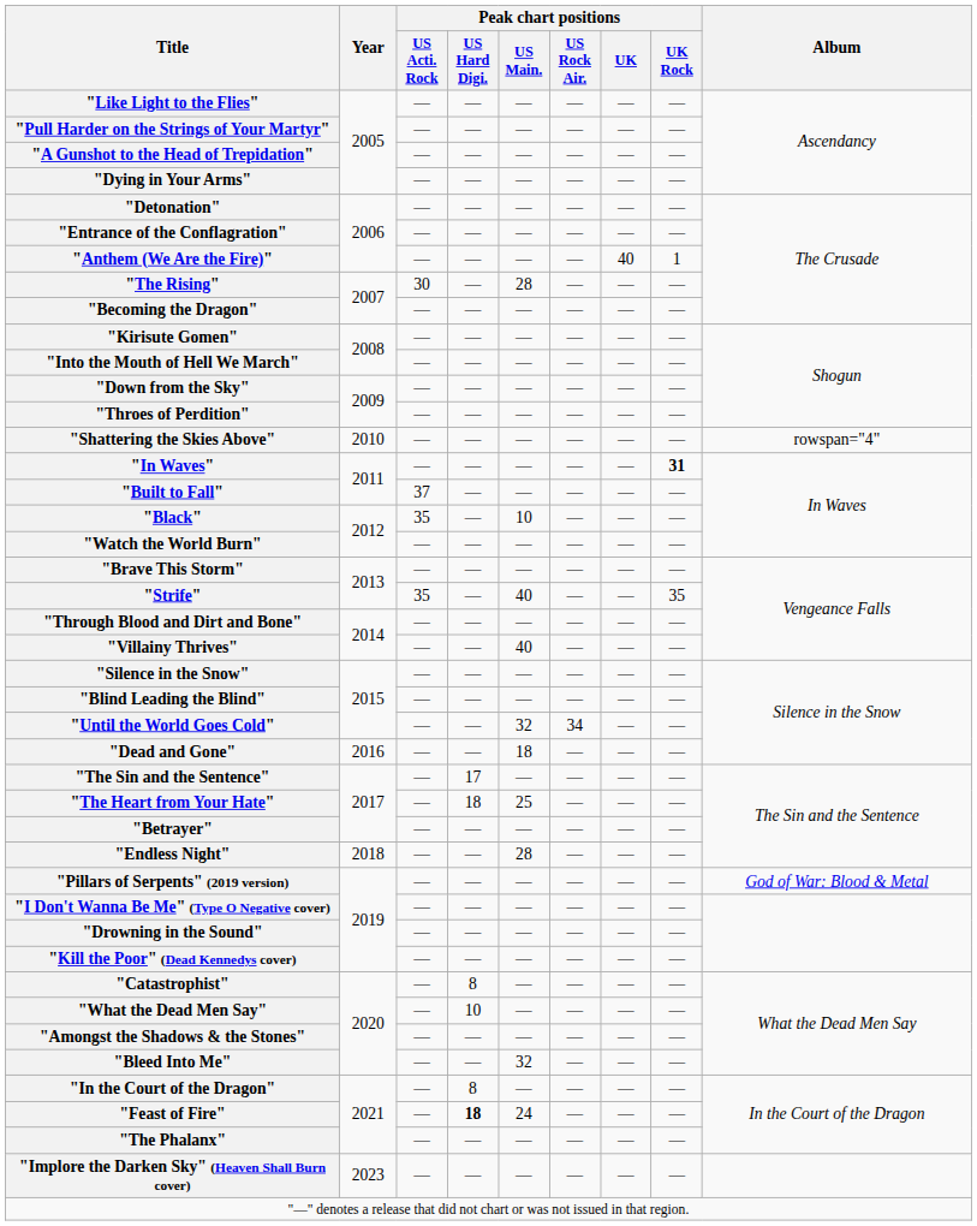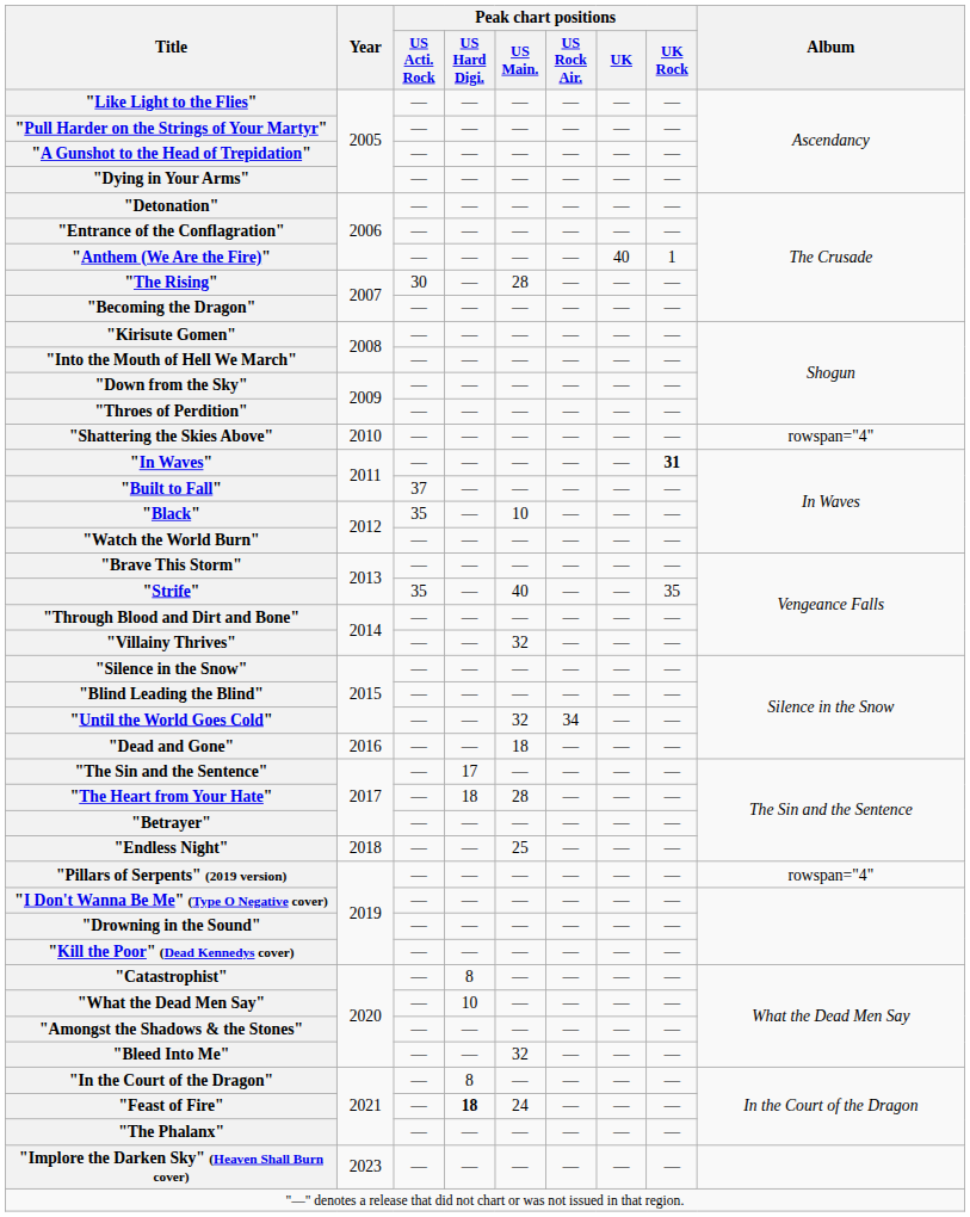 <table class="wikitable plainrowheaders" style="text-align:center;">
 <tr>
 <th scope="col" rowspan="2" style="width:20em;">Title</th>
 <th scope="col" rowspan="2" style="width:3em;">Year</th>
 <th scope="col" colspan="6">Peak chart positions</th>
 <th scope="col" rowspan="2" style="width:16em;">Album</th>
 </tr>
 <tr>
 <th scope="col" style="width:3em;font-size:90%;"><a href='#'>US<br>Acti.<br>Rock</a><br></th>
 <th scope="col" style="width:3em;font-size:90%;"><a href='#'>US<br>Hard<br>Digi.</a><br></th>
 <th scope="col" style="width:3em;font-size:90%;"><a href='#'>US<br>Main.</a><br></th>
 <th scope="col" style="width:3em;font-size:90%;"><a href='#'>US<br>Rock<br>Air.</a><br></th>
 <th scope="col" style="width:3em;font-size:90%;"><a href='#'>UK</a><br></th>
 <th scope="col" style="width:3em;font-size:90%;"><a href='#'>UK<br>Rock</a><br></th>
 </tr>
 <tr>
 <th scope="row">"<a href='#'>Like Light to the Flies</a>"</th>
 <td rowspan="4">2005</td>
 <td>—</td>
 <td>—</td>
 <td>—</td>
 <td>—</td>
 <td>—</td>
 <td>—</td>
 <td rowspan="4"><em>Ascendancy</em></td>
 </tr>
 <tr>
 <th scope="row">"<a href='#'>Pull Harder on the Strings of Your Martyr</a>"</th>
 <td>—</td>
 <td>—</td>
 <td>—</td>
 <td>—</td>
 <td>—</td>
 <td>—</td>
 </tr>
 <tr>
 <th scope="row">"<a href='#'>A Gunshot to the Head of Trepidation</a>"</th>
 <td>—</td>
 <td>—</td>
 <td>—</td>
 <td>—</td>
 <td>—</td>
 <td>—</td>
 </tr>
 <tr>
 <th scope="row">"Dying in Your Arms"</th>
 <td>—</td>
 <td>—</td>
 <td>—</td>
 <td>—</td>
 <td>—</td>
 <td>—</td>
 </tr>
 <tr>
 <th scope="row">"Detonation"</th>
 <td rowspan="3">2006</td>
 <td>—</td>
 <td>—</td>
 <td>—</td>
 <td>—</td>
 <td>—</td>
 <td>—</td>
 <td rowspan="5"><em>The Crusade</em></td>
 </tr>
 <tr>
 <th scope="row">"Entrance of the Conflagration"</th>
 <td>—</td>
 <td>—</td>
 <td>—</td>
 <td>—</td>
 <td>—</td>
 <td>—</td>
 </tr>
 <tr>
 <th scope="row">"<a href='#'>Anthem (We Are the Fire)</a>"</th>
 <td>—</td>
 <td>—</td>
 <td>—</td>
 <td>—</td>
 <td>40</td>
 <td>1</td>
 </tr>
 <tr>
 <th scope="row">"<a href='#'>The Rising</a>"</th>
 <td rowspan="2">2007</td>
 <td>30</td>
 <td>—</td>
 <td>28</td>
 <td>—</td>
 <td>—</td>
 <td>—</td>
 </tr>
 <tr>
 <th scope="row">"Becoming the Dragon"</th>
 <td>—</td>
 <td>—</td>
 <td>—</td>
 <td>—</td>
 <td>—</td>
 <td>—</td>
 </tr>
 <tr>
 <th scope="row">"Kirisute Gomen"</th>
 <td rowspan="2">2008</td>
 <td>—</td>
 <td>—</td>
 <td>—</td>
 <td>—</td>
 <td>—</td>
 <td>—</td>
 <td rowspan="4"><em>Shogun</em></td>
 </tr>
 <tr>
 <th scope="row">"Into the Mouth of Hell We March"</th>
 <td>—</td>
 <td>—</td>
 <td>—</td>
 <td>—</td>
 <td>—</td>
 <td>—</td>
 </tr>
 <tr>
 <th scope="row">"Down from the Sky"</th>
 <td rowspan="2">2009</td>
 <td>—</td>
 <td>—</td>
 <td>—</td>
 <td>—</td>
 <td>—</td>
 <td>—</td>
 </tr>
 <tr>
 <th scope="row">"Throes of Perdition"</th>
 <td>—</td>
 <td>—</td>
 <td>—</td>
 <td>—</td>
 <td>—</td>
 <td>—</td>
 </tr>
 <tr>
 <th scope="row">"Shattering the Skies Above"</th>
 <td>2010</td>
 <td>—</td>
 <td>—</td>
 <td>—</td>
 <td>—</td>
 <td>—</td>
 <td>—</td>
 <td>rowspan="4" </td>
 </tr>
 <tr>
 <th scope="row">"<a href='#'>In Waves</a>"</th>
 <td rowspan="2">2011</td>
 <td>—</td>
 <td>—</td>
 <td>—</td>
 <td>—</td>
 <td>—</td>
 <td><strong>31</strong></td>
 <td rowspan="4"><em>In Waves</em></td>
 </tr>
 <tr>
 <th scope="row">"<a href='#'>Built to Fall</a>"</th>
 <td>37</td>
 <td>—</td>
 <td>—</td>
 <td>—</td>
 <td>—</td>
 <td>—</td>
 </tr>
 <tr>
 <th scope="row">"<a href='#'>Black</a>"</th>
 <td rowspan="2">2012</td>
 <td>35</td>
 <td>—</td>
 <td>10</td>
 <td>—</td>
 <td>—</td>
 <td>—</td>
 </tr>
 <tr>
 <th scope="row">"Watch the World Burn"</th>
 <td>—</td>
 <td>—</td>
 <td>—</td>
 <td>—</td>
 <td>—</td>
 <td>—</td>
 </tr>
 <tr>
 <th scope="row">"Brave This Storm"</th>
 <td rowspan="2">2013</td>
 <td>—</td>
 <td>—</td>
 <td>—</td>
 <td>—</td>
 <td>—</td>
 <td>—</td>
 <td rowspan="4"><em>Vengeance Falls</em></td>
 </tr>
 <tr>
 <th scope="row">"<a href='#'>Strife</a>"</th>
 <td>35</td>
 <td>—</td>
 <td>40</td>
 <td>—</td>
 <td>—</td>
 <td>35</td>
 </tr>
 <tr>
 <th scope="row">"Through Blood and Dirt and Bone"</th>
 <td rowspan="2">2014</td>
 <td>—</td>
 <td>—</td>
 <td>—</td>
 <td>—</td>
 <td>—</td>
 <td>—</td>
 </tr>
 <tr>
 <th scope="row">"Villainy Thrives"</th>
 <td>—</td>
 <td>—</td>
-<td>40</td>
+<td>32</td>
 <td>—</td>
 <td>—</td>
 <td>—</td>
 </tr>
 <tr>
 <th scope="row">"Silence in the Snow"</th>
 <td rowspan="3">2015</td>
 <td>—</td>
 <td>—</td>
 <td>—</td>
 <td>—</td>
 <td>—</td>
 <td>—</td>
 <td rowspan="4"><em>Silence in the Snow</em></td>
 </tr>
 <tr>
 <th scope="row">"Blind Leading the Blind"</th>
 <td>—</td>
 <td>—</td>
 <td>—</td>
 <td>—</td>
 <td>—</td>
 <td>—</td>
 </tr>
 <tr>
 <th scope="row">"<a href='#'>Until the World Goes Cold</a>"</th>
 <td>—</td>
 <td>—</td>
 <td>32</td>
 <td>34</td>
 <td>—</td>
 <td>—</td>
 </tr>
 <tr>
 <th scope="row">"Dead and Gone"</th>
 <td>2016</td>
 <td>—</td>
 <td>—</td>
 <td>18</td>
 <td>—</td>
 <td>—</td>
 <td>—</td>
 </tr>
 <tr>
 <th scope="row">"The Sin and the Sentence"</th>
 <td rowspan="3">2017</td>
 <td>—</td>
 <td>17</td>
 <td>—</td>
 <td>—</td>
 <td>—</td>
 <td>—</td>
 <td rowspan="4"><em>The Sin and the Sentence</em></td>
 </tr>
 <tr>
 <th scope="row">"<a href='#'>The Heart from Your Hate</a>"</th>
 <td>—</td>
 <td>18</td>
-<td>25</td>
+<td>28</td>
 <td>—</td>
 <td>—</td>
 <td>—</td>
 </tr>
 <tr>
 <th scope="row">"Betrayer"</th>
 <td>—</td>
 <td>—</td>
 <td>—</td>
 <td>—</td>
 <td>—</td>
 <td>—</td>
 </tr>
 <tr>
 <th scope="row">"Endless Night"</th>
 <td>2018</td>
 <td>—</td>
 <td>—</td>
-<td>28</td>
+<td>25</td>
 <td>—</td>
 <td>—</td>
 <td>—</td>
 </tr>
 <tr>
 <th scope="row">"Pillars of Serpents" <small>(2019 version)</small></th>
 <td rowspan="4">2019</td>
 <td>—</td>
 <td>—</td>
 <td>—</td>
 <td>—</td>
 <td>—</td>
 <td>—</td>
-<td><em><a href='#'>God of War: Blood & Metal</a></em></td>
+<td>rowspan="4" </td>
 </tr>
 <tr>
 <th scope="row">"<a href='#'>I Don't Wanna Be Me</a>" <small>(<a href='#'>Type O Negative</a> cover)</small></th>
 <td>—</td>
 <td>—</td>
 <td>—</td>
 <td>—</td>
 <td>—</td>
 <td>—</td>
 </tr>
 <tr>
 <th scope="row">"Drowning in the Sound"</th>
 <td>—</td>
 <td>—</td>
 <td>—</td>
 <td>—</td>
 <td>—</td>
 <td>—</td>
 </tr>
 <tr>
 <th scope="row">"<a href='#'>Kill the Poor</a>" <small>(<a href='#'>Dead Kennedys</a> cover)</small></th>
 <td>—</td>
 <td>—</td>
 <td>—</td>
 <td>—</td>
 <td>—</td>
 <td>—</td>
 </tr>
 <tr>
 <th scope="row">"Catastrophist"</th>
 <td rowspan="4">2020</td>
 <td>—</td>
 <td>8</td>
 <td>—</td>
 <td>—</td>
 <td>—</td>
 <td>—</td>
 <td rowspan="4"><em>What the Dead Men Say</em></td>
 </tr>
 <tr>
 <th scope="row">"What the Dead Men Say"</th>
 <td>—</td>
 <td>10</td>
 <td>—</td>
 <td>—</td>
 <td>—</td>
 <td>—</td>
 </tr>
 <tr>
 <th scope="row">"Amongst the Shadows & the Stones"</th>
 <td>—</td>
 <td>—</td>
 <td>—</td>
 <td>—</td>
 <td>—</td>
 <td>—</td>
 </tr>
 <tr>
 <th scope="row">"Bleed Into Me"</th>
 <td>—</td>
 <td>—</td>
 <td>32</td>
 <td>—</td>
 <td>—</td>
 <td>—</td>
 </tr>
 <tr>
 <th scope="row">"In the Court of the Dragon"</th>
 <td rowspan="3">2021</td>
 <td>—</td>
 <td>8</td>
 <td>—</td>
 <td>—</td>
 <td>—</td>
 <td>—</td>
 <td rowspan="3"><em>In the Court of the Dragon</em></td>
 </tr>
 <tr>
 <th scope="row">"Feast of Fire"</th>
 <td>—</td>
 <td><strong>18</strong></td>
 <td>24</td>
 <td>—</td>
 <td>—</td>
 <td>—</td>
 </tr>
 <tr>
 <th scope="row">"The Phalanx"</th>
 <td>—</td>
 <td>—</td>
 <td>—</td>
 <td>—</td>
 <td>—</td>
 <td>—</td>
 </tr>
 <tr>
 <th scope="row">"Implore the Darken Sky" <small>(<a href='#'>Heaven Shall Burn</a> cover)</small></th>
 <td>2023</td>
 <td>—</td>
 <td>—</td>
 <td>—</td>
 <td>—</td>
 <td>—</td>
 <td>—</td>
 <td></td>
 </tr>
 <tr>
 <td align="center" colspan="9" style="font-size: 85%">"—" denotes a release that did not chart or was not issued in that region.</td>
 </tr>
 </table>
